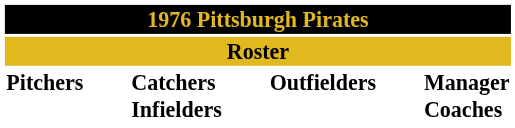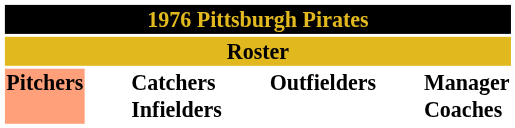 <table class="toccolours" style="font-size: 95%;">
 <tr>
 <th colspan="10" style="background-color: black; color: #e1b81e; text-align: center;">1976 Pittsburgh Pirates</th>
 </tr>
 <tr>
 <td colspan="10" style="background-color: #e1b81e; color: black; text-align: center;"><strong>Roster</strong></td>
 </tr>
 <tr>
-<td valign="top"><strong>Pitchers</strong><br>           </td>
+<td valign="top" style="background: lightsalmon;"><strong>Pitchers</strong><br>           </td>
 <td width="25px"></td>
 <td valign="top"><strong>Catchers</strong><br>   <strong>Infielders</strong>         </td>
 <td width="25px"></td>
 <td valign="top"><strong>Outfielders</strong><br>      </td>
 <td width="25px"></td>
 <td valign="top"><strong>Manager</strong><br> <strong>Coaches</strong>    </td>
 </tr>
 </table>
